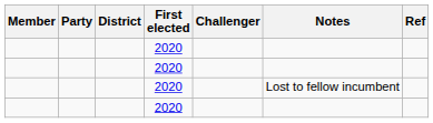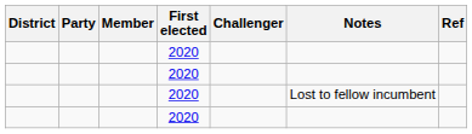 <table class="wikitable sortable" style=text-align:center>
 <tr>
+<th>District</th>
+<th>Party</th>
 <th>Member</th>
-<th>Party</th>
-<th>District</th>
 <th>First<br>elected</th>
 <th>Challenger</th>
 <th>Notes</th>
 <th>Ref</th>
 </tr>
 <tr>
 <td></td>
 <td></td>
 <td></td>
 <td><a href='#'>2020</a></td>
 <td></td>
 <td></td>
 <td></td>
 </tr>
 <tr>
 <td></td>
 <td></td>
 <td></td>
 <td><a href='#'>2020</a></td>
 <td></td>
 <td></td>
 <td></td>
 </tr>
 <tr>
 <td></td>
 <td></td>
 <td></td>
 <td><a href='#'>2020</a></td>
 <td></td>
 <td>Lost to fellow incumbent</td>
 <td></td>
 </tr>
 <tr>
 <td></td>
 <td></td>
 <td></td>
 <td><a href='#'>2020</a></td>
 <td></td>
 <td></td>
 <td></td>
 </tr>
 </table>
